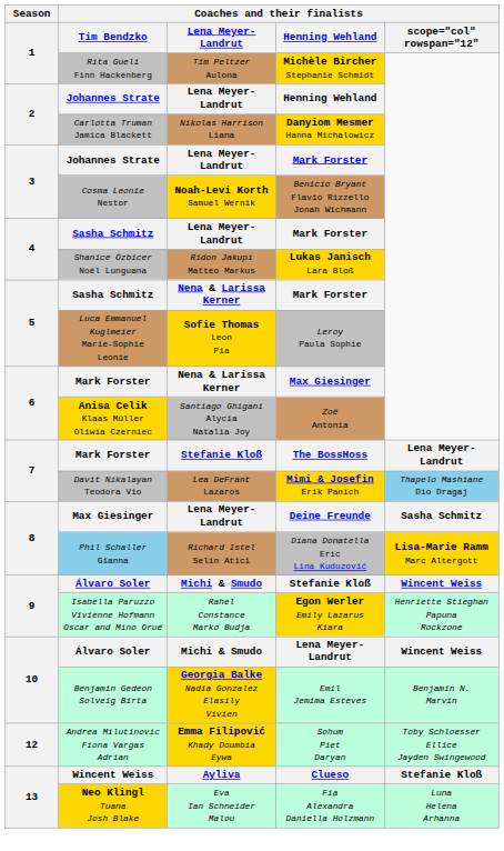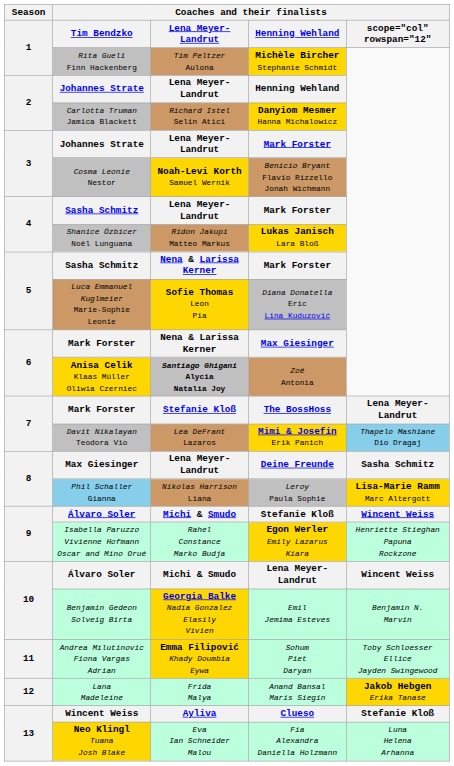 <table class="wikitable" style="text-align:center; line-height:16px; width:70%">
 <tr>
 <th style="width:05%">Season</th>
 <th style="width:50%" colspan="4">Coaches and their finalists</th>
 </tr>
 <tr>
 <th rowspan="2">1</th>
 <th style="width:15%" scope="col"><a href='#'>Tim Bendzko</a></th>
 <th style="width:15%" scope="col"><a href='#'>Lena Meyer-Landrut</a></th>
 <th style="width:15%" scope="col"><a href='#'>Henning Wehland</a></th>
 <th>scope="col" rowspan="12" </th>
 </tr>
 <tr>
 <td style="background:silver"><small><em>Rita Gueli</em><br>Finn Hackenberg</small></td>
 <td style="background:#cc9966"><small><em>Tim Peltzer</em><br>Aulona</small></td>
 <td style="background:gold"><strong>Michèle Bircher</strong><small><br>Stephanie Schmidt</small></td>
 </tr>
 <tr>
 <th rowspan="2">2</th>
 <th scope="col"><a href='#'>Johannes Strate</a></th>
 <th scope="col">Lena Meyer-Landrut</th>
 <th scope="col">Henning Wehland</th>
 </tr>
 <tr>
 <td style="background:silver"><small><em>Carlotta Truman</em><br>Jamica Blackett</small></td>
-<td style="background:#cc9966"><small><em>Nikolas Harrison</em><br>Liana</small></td>
+<td style="background:#cc9966"><small><em>Richard Istel</em><br>Selin Atici</small></td>
 <td style="background:gold"><strong>Danyiom Mesmer</strong><small><br>Hanna Michalowicz</small></td>
 </tr>
 <tr>
 <th rowspan="2">3</th>
 <th scope="col">Johannes Strate</th>
 <th scope="col">Lena Meyer-Landrut</th>
 <th scope="col"><a href='#'>Mark Forster</a></th>
 </tr>
 <tr>
 <td style="background:silver"><small><em>Cosma Leonie</em><br>Nestor</small></td>
 <td style="background:gold"><strong>Noah-Levi Korth</strong><small><br>Samuel Wernik</small></td>
 <td style="background:#cc9966"><small><em>Benicio Bryant</em><br>Flavio Rizzello<br>Jonah Wichmann</small></td>
 </tr>
 <tr>
 <th rowspan="2">4</th>
 <th scope="col"><a href='#'>Sasha Schmitz</a></th>
 <th scope="col">Lena Meyer-Landrut</th>
 <th scope="col">Mark Forster</th>
 </tr>
 <tr>
 <td style="background:silver"><small><em>Shanice Özbicer</em><br>Noël Lunguana</small></td>
 <td style="background:#cc9966"><small><em>Ridon Jakupi</em><br>Matteo Markus</small></td>
 <td style="background:gold"><strong>Lukas Janisch</strong><small><br>Lara Bloß</small></td>
 </tr>
 <tr>
 <th rowspan="2">5</th>
 <th scope="col">Sasha Schmitz</th>
 <th scope="col"><a href='#'>Nena</a> & <a href='#'>Larissa Kerner</a></th>
 <th scope="col">Mark Forster</th>
 </tr>
 <tr>
 <td style="background:#cc9966"><small><em>Luca Emmanuel Kuglmeier</em><br>Marie-Sophie<br>Leonie</small></td>
 <td style="background:gold"><strong>Sofie Thomas</strong><small><br>Leon<br>Pia</small></td>
-<td style="background:silver"><small><em>Leroy</em><br>Paula Sophie</small></td>
+<td style="background:silver"><small><em>Diana Donatella</em><br>Eric<br><a href='#'>Lina Kuduzović</a></small></td>
 </tr>
 <tr>
 <th rowspan="2">6</th>
 <th scope="col">Mark Forster</th>
 <th scope="col">Nena & Larissa Kerner</th>
 <th scope="col"><a href='#'>Max Giesinger</a></th>
 </tr>
 <tr>
 <td style="background:gold"><strong>Anisa Celik</strong><small><br>Klaas Müller<br>Oliwia Czerniec</small></td>
-<td style="background:silver"><small><em>Santiago Ghigani</em><br>Alycia<br>Natalia Joy</small></td>
+<td style="background:silver"><strong><small><em>Santiago Ghigani</em><br>Alycia<br>Natalia Joy</small></strong></td>
 <td style="background:#cc9966"><small><em>Zoë</em><br>Antonia</small></td>
 </tr>
 <tr>
 <th rowspan="2">7</th>
 <th scope="col">Mark Forster</th>
 <th scope="col"><a href='#'>Stefanie Kloß</a></th>
 <th scope="col"><a href='#'>The BossHoss</a></th>
 <th scope="col" style="width:15%">Lena Meyer-Landrut</th>
 </tr>
 <tr>
 <td style="background:silver"><small><em>Davit Nikalayan</em><br>Teodora Vio</small></td>
 <td style="background:#cc9966"><small><em>Lea DeFrant</em><br>Lazaros</small></td>
 <td style="background:gold"><strong><a href='#'>Mimi & Josefin</a></strong><small><br>Erik Panich</small></td>
 <td style="background:skyblue"><small><em>Thapelo Mashiane</em><br>Dio Dragaj</small></td>
 </tr>
 <tr>
 <th rowspan="2">8</th>
 <th scope="col">Max Giesinger</th>
 <th scope="col">Lena Meyer-Landrut</th>
 <th scope="col"><a href='#'>Deine Freunde</a></th>
 <th scope="col">Sasha Schmitz</th>
 </tr>
 <tr>
 <td style="background:skyblue"><small><em>Phil Schaller</em><br>Gianna</small></td>
-<td style="background:#cc9966"><small><em>Richard Istel</em><br>Selin Atici</small></td>
-<td style="background:silver"><small><em>Diana Donatella</em><br>Eric<br><a href='#'>Lina Kuduzović</a></small></td>
+<td style="background:#cc9966"><small><em>Nikolas Harrison</em><br>Liana</small></td>
+<td style="background:silver"><small><em>Leroy</em><br>Paula Sophie</small></td>
 <td style="background:gold"><strong>Lisa-Marie Ramm</strong><br><small>Marc Altergott</small></td>
 </tr>
 <tr>
 <th rowspan="2">9</th>
 <th scope="col"><a href='#'>Álvaro Soler</a></th>
 <th scope="col"><a href='#'>Michi</a> & <a href='#'>Smudo</a></th>
 <th scope="col">Stefanie Kloß</th>
 <th scope="col"><a href='#'>Wincent Weiss</a></th>
 </tr>
 <tr>
 <td style="background:#bfd"><small><em>Isabella Paruzzo<br>Vivienne Hofmann<br>Oscar and Mino Orué</em></small></td>
 <td style="background:#bfd"><small><em>Rahel<br>Constance<br>Marko Budja</em></small></td>
 <td style="background:gold"><strong>Egon Werler</strong><br><small><em>Emily Lazarus<br>Kiara</em></small></td>
 <td style="background:#bfd"><small><em>Henriette Stieghan<br>Papuna<br>Rockzone</em></small></td>
 </tr>
 <tr>
 <th rowspan="2">10</th>
 <th scope="col">Álvaro Soler</th>
 <th scope="col">Michi & Smudo</th>
 <th scope="col">Lena Meyer-Landrut</th>
 <th scope="col">Wincent Weiss</th>
 </tr>
 <tr>
 <td style="background:#bfd"><small><em>Benjamin Gedeon<br>Solveig Birta</em></small></td>
 <td style="background:gold"><strong><a href='#'>Georgia Balke</a></strong><br><small><em>Nadia Gonzalez Elasily<br>Vivien</em></small></td>
 <td style="background:#bfd"><small><em>Emil<br>Jemima Esteves</em></small></td>
 <td style="background:#bfd"><small><em>Benjamin N.<br>Marvin</em></small></td>
 </tr>
 <tr>
-<th>12</th>
+<th>11</th>
 <td style="background:#bfd"><small><em>Andrea Milutinovic<br>Fiona Vargas<br>Adrian</em></small></td>
 <td style="background:gold"><strong>Emma Filipović</strong><br><small><em>Khady Doumbia<br>Eywa</em></small></td>
 <td style="background:#bfd"><small><em>Sohum<br>Piet<br>Daryan</em></small></td>
 <td style="background:#bfd"><small><em>Toby Schloesser<br>Ellice<br>Jayden Swingewood</em></small></td>
+</tr>
+<tr>
+<th>12</th>
+<td style="background:#bfd"><small><em>Lana<br>Madeleine</em></small></td>
+<td style="background:#bfd"><small><em>Frida<br>Malya</em></small></td>
+<td style="background:#bfd"><small><em>Anand Bansal<br>Maris Siegin</em></small></td>
+<td style="background:gold"><strong>Jakob Hebgen</strong><br><small><em>Erika Tanase</em></small></td>
 </tr>
 <tr>
 <th rowspan="2">13</th>
 <th scope="col">Wincent Weiss</th>
 <th scope="col"><a href='#'>Ayliva</a></th>
 <th scope="col"><a href='#'>Clueso</a></th>
 <th scope="col">Stefanie Kloß</th>
 </tr>
 <tr>
 <td style="background:gold"><strong>Neo Klingl</strong><br><small><em>Tuana<br>Josh Blake</em></small></td>
 <td style="background:#bfd"><small><em>Eva<br>Ian Schneider<br>Malou</em></small></td>
 <td style="background:#bfd"><small><em>Fia<br>Alexandra<br>Daniella Holzmann</em></small></td>
 <td style="background:#bfd"><small><em>Luna<br>Helena<br>Arhanna</em></small></td>
 </tr>
 </table>
